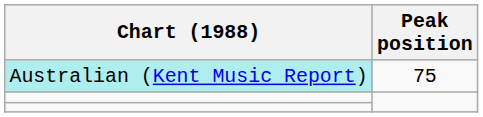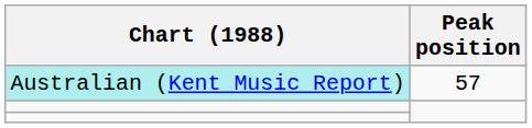 <table class="wikitable sortable">
 <tr>
 <th>Chart (1988)</th>
 <th>Peak<br>position</th>
 </tr>
 <tr>
 <td style="background: paleturquoise;">Australian (<a href='#'>Kent Music Report</a>)</td>
-<td align="center">75</td>
+<td align="center">57</td>
 </tr>
 <tr>
 <td></td>
 </tr>
 <tr>
 <td></td>
 </tr>
 </table>
